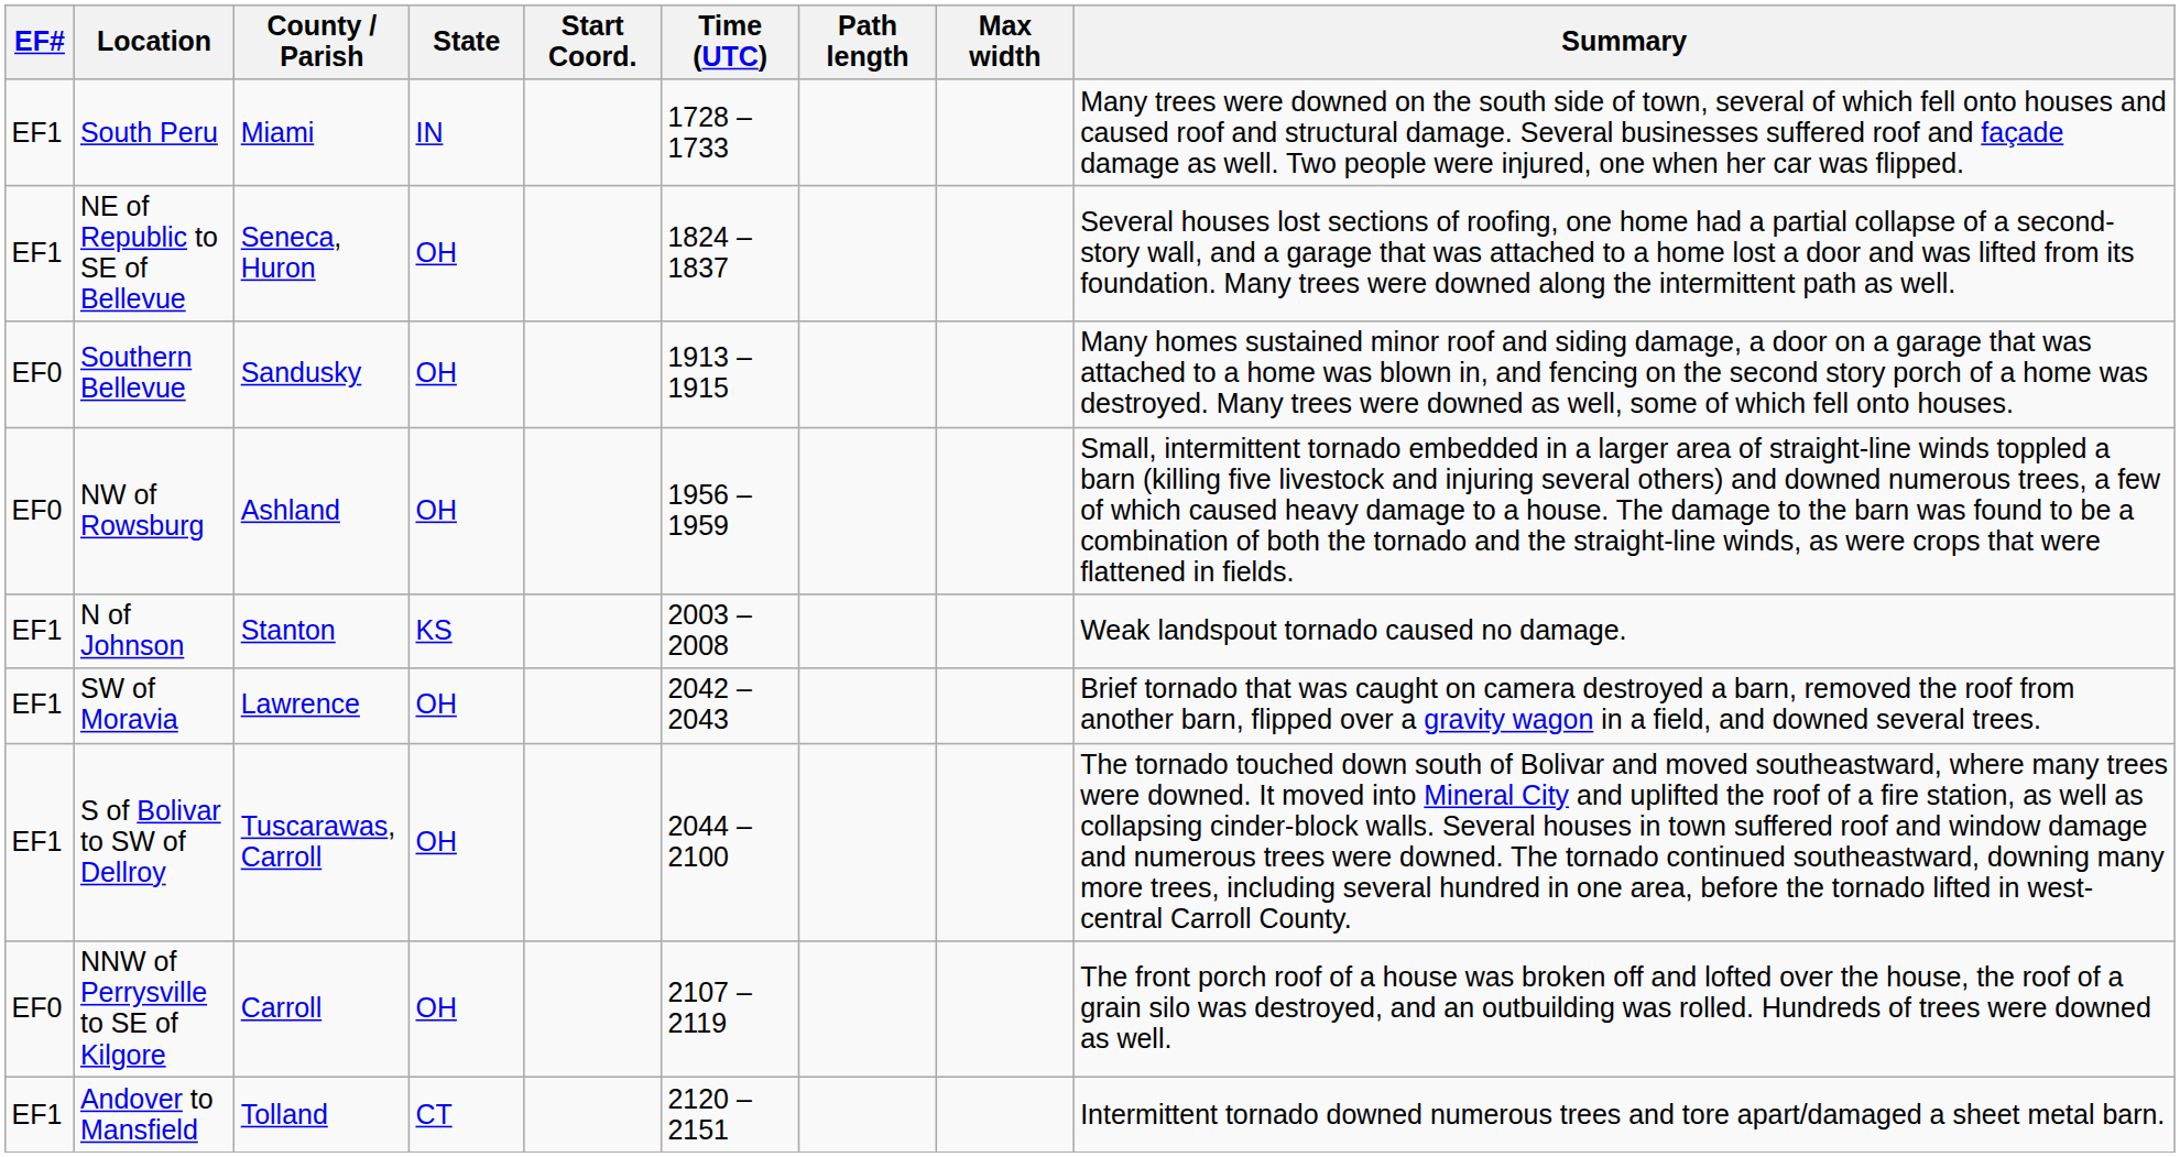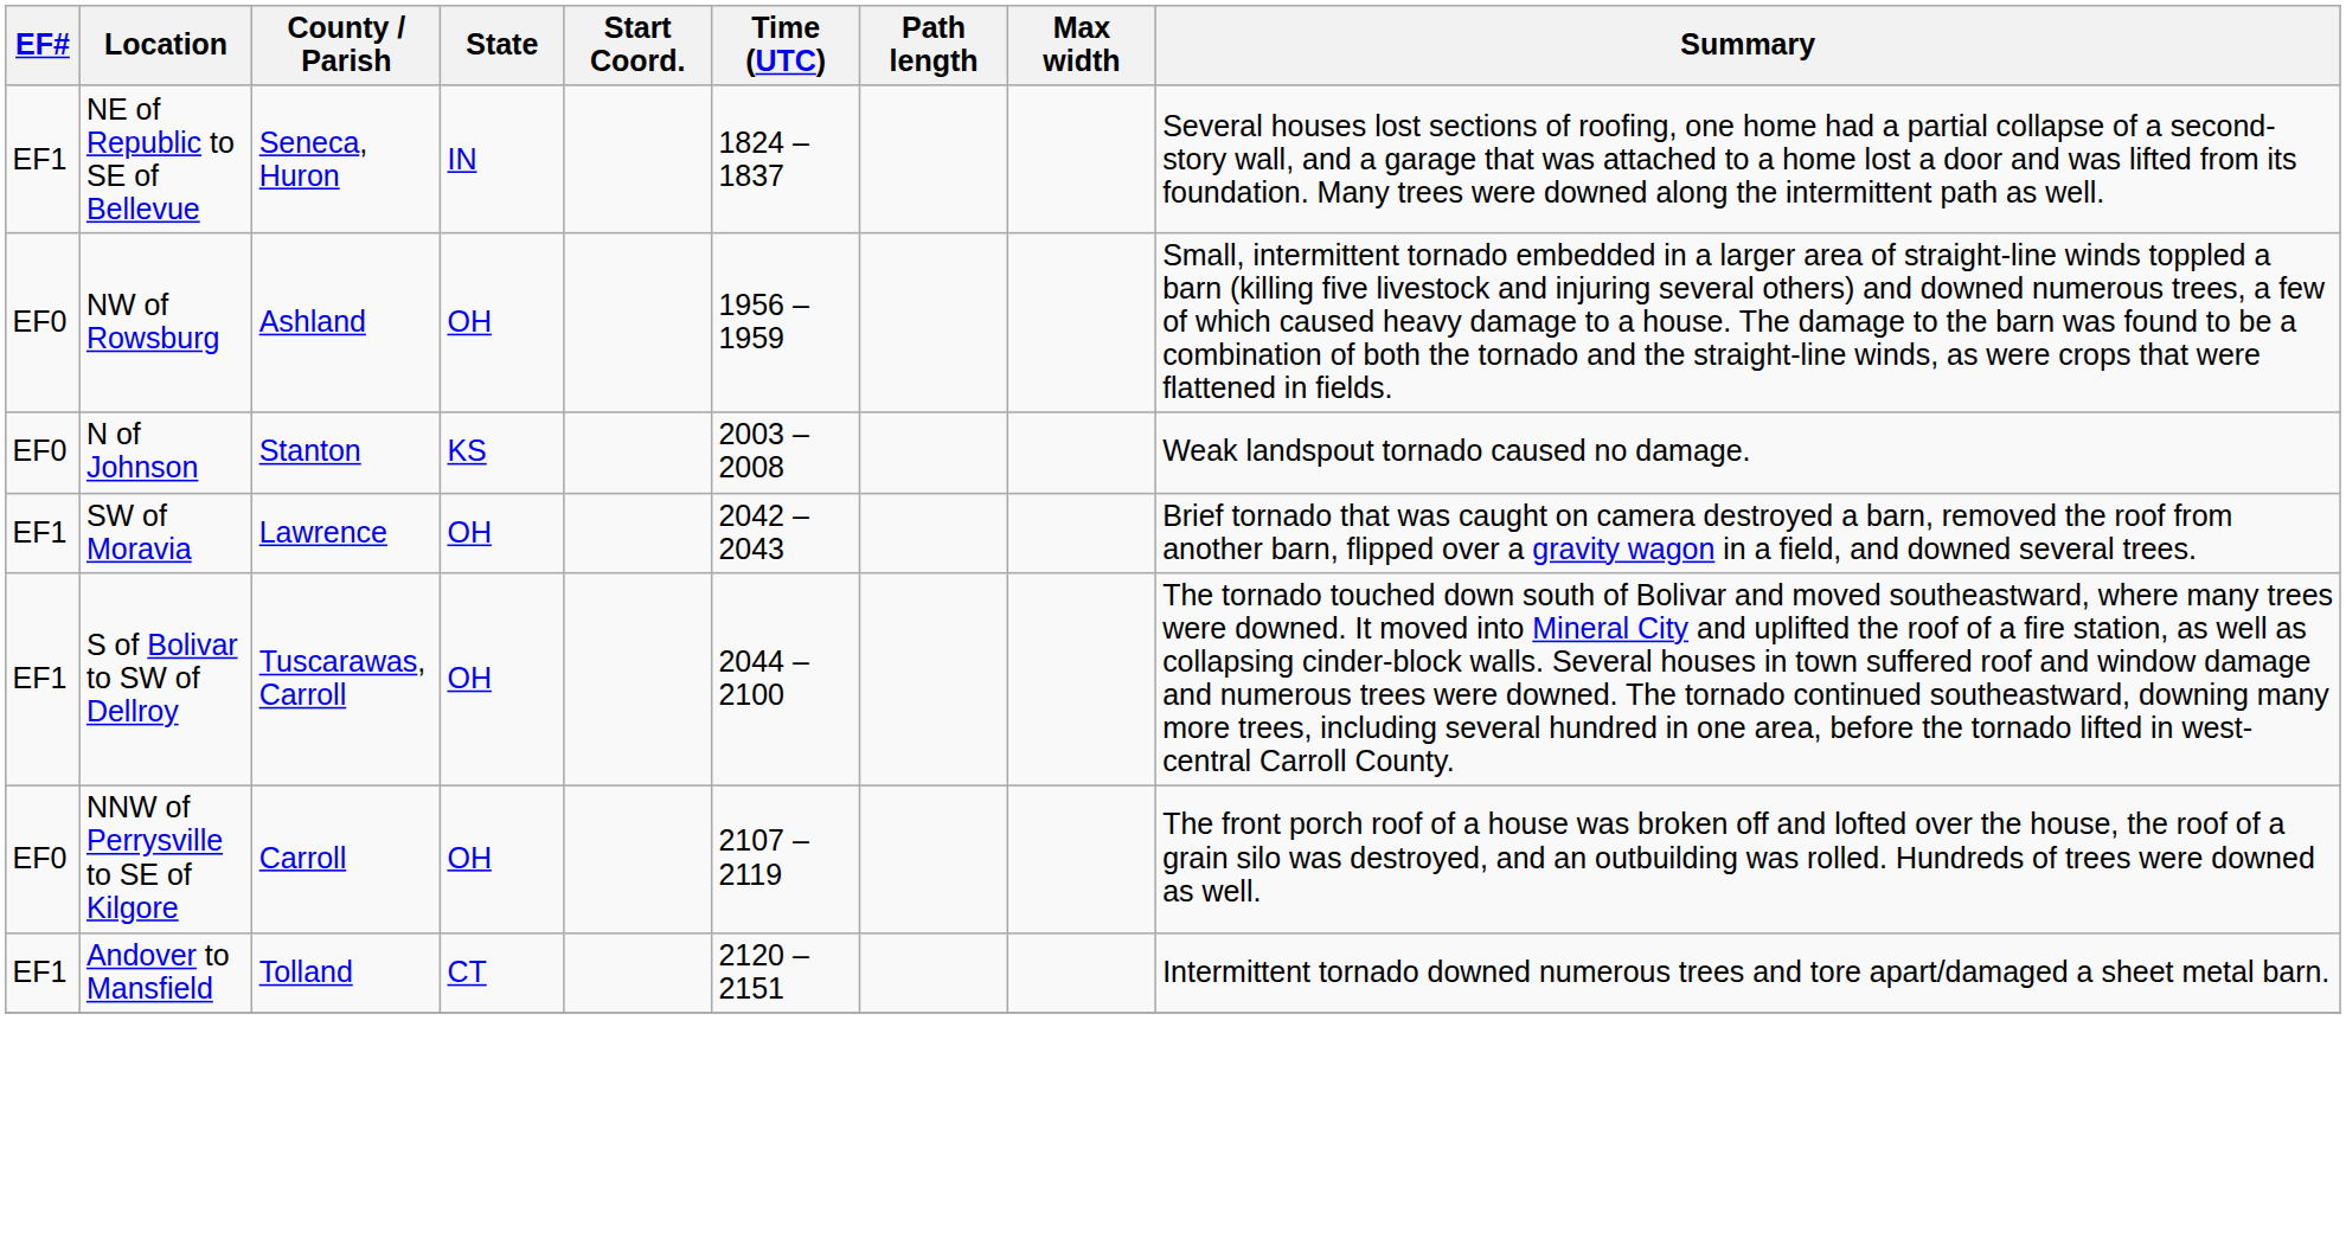 <table class="wikitable sortable" style="width:100%;">
 <tr>
 <th scope="col" width="3%" align="center"><a href='#'>EF#</a></th>
 <th scope="col" width="7%" align="center" class="unsortable">Location</th>
 <th scope="col" width="6%" align="center" class="unsortable">County / Parish</th>
 <th scope="col" width="5%" align="center">State</th>
 <th scope="col" width="6%" align="center">Start Coord.</th>
 <th scope="col" width="6%" align="center">Time (<a href='#'>UTC</a>)</th>
 <th scope="col" width="6%" align="center">Path length</th>
 <th scope="col" width="6%" align="center">Max width</th>
 <th scope="col" width="48%" class="unsortable" align="center">Summary</th>
 </tr>
 <tr>
 <td>EF1</td>
-<td><a href='#'>South Peru</a></td>
-<td><a href='#'>Miami</a></td>
-<td><a href='#'>IN</a></td>
-<td></td>
-<td>1728 – 1733</td>
-<td></td>
-<td></td>
-<td>Many trees were downed on the south side of town, several of which fell onto houses and caused roof and structural damage. Several businesses suffered roof and <a href='#'>façade</a> damage as well. Two people were injured, one when her car was flipped.</td>
-</tr>
-<tr>
-<td>EF1</td>
 <td>NE of <a href='#'>Republic</a> to SE of <a href='#'>Bellevue</a></td>
 <td><a href='#'>Seneca</a>, <a href='#'>Huron</a></td>
-<td><a href='#'>OH</a></td>
+<td><a href='#'>IN</a></td>
 <td></td>
 <td>1824 – 1837</td>
 <td></td>
 <td></td>
 <td>Several houses lost sections of roofing, one home had a partial collapse of a second-story wall, and a garage that was attached to a home lost a door and was lifted from its foundation. Many trees were downed along the intermittent path as well.</td>
-</tr>
-<tr>
-<td>EF0</td>
-<td><a href='#'>Southern Bellevue</a></td>
-<td><a href='#'>Sandusky</a></td>
-<td><a href='#'>OH</a></td>
-<td></td>
-<td>1913 – 1915</td>
-<td></td>
-<td></td>
-<td>Many homes sustained minor roof and siding damage, a door on a garage that was attached to a home was blown in, and fencing on the second story porch of a home was destroyed. Many trees were downed as well, some of which fell onto houses.</td>
 </tr>
 <tr>
 <td>EF0</td>
 <td>NW of <a href='#'>Rowsburg</a></td>
 <td><a href='#'>Ashland</a></td>
 <td><a href='#'>OH</a></td>
 <td></td>
 <td>1956 – 1959</td>
 <td></td>
 <td></td>
 <td>Small, intermittent tornado embedded in a larger area of straight-line winds toppled a barn (killing five livestock and injuring several others) and downed numerous trees, a few of which caused heavy damage to a house. The damage to the barn was found to be a combination of both the tornado and the straight-line winds, as were crops that were flattened in fields.</td>
 </tr>
 <tr>
-<td>EF1</td>
+<td>EF0</td>
 <td>N of <a href='#'>Johnson</a></td>
 <td><a href='#'>Stanton</a></td>
 <td><a href='#'>KS</a></td>
 <td></td>
 <td>2003 – 2008</td>
 <td></td>
 <td></td>
 <td>Weak landspout tornado caused no damage.</td>
 </tr>
 <tr>
 <td>EF1</td>
 <td>SW of <a href='#'>Moravia</a></td>
 <td><a href='#'>Lawrence</a></td>
 <td><a href='#'>OH</a></td>
 <td></td>
 <td>2042 – 2043</td>
 <td></td>
 <td></td>
 <td>Brief tornado that was caught on camera destroyed a barn, removed the roof from another barn, flipped over a <a href='#'>gravity wagon</a> in a field, and downed several trees.</td>
 </tr>
 <tr>
 <td>EF1</td>
 <td>S of <a href='#'>Bolivar</a> to SW of <a href='#'>Dellroy</a></td>
 <td><a href='#'>Tuscarawas</a>, <a href='#'>Carroll</a></td>
 <td><a href='#'>OH</a></td>
 <td></td>
 <td>2044 – 2100</td>
 <td></td>
 <td></td>
 <td>The tornado touched down south of Bolivar and moved southeastward, where many trees were downed. It moved into <a href='#'>Mineral City</a> and uplifted the roof of a fire station, as well as collapsing cinder-block walls. Several houses in town suffered roof and window damage and numerous trees were downed. The tornado continued southeastward, downing many more trees, including several hundred in one area, before the tornado lifted in west-central Carroll County.</td>
 </tr>
 <tr>
 <td>EF0</td>
 <td>NNW of <a href='#'>Perrysville</a> to SE of <a href='#'>Kilgore</a></td>
 <td><a href='#'>Carroll</a></td>
 <td><a href='#'>OH</a></td>
 <td></td>
 <td>2107 – 2119</td>
 <td></td>
 <td></td>
 <td>The front porch roof of a house was broken off and lofted over the house, the roof of a grain silo was destroyed, and an outbuilding was rolled. Hundreds of trees were downed as well.</td>
 </tr>
 <tr>
 <td>EF1</td>
 <td><a href='#'>Andover</a> to <a href='#'>Mansfield</a></td>
 <td><a href='#'>Tolland</a></td>
 <td><a href='#'>CT</a></td>
 <td></td>
 <td>2120 – 2151</td>
 <td></td>
 <td></td>
 <td>Intermittent tornado downed numerous trees and tore apart/damaged a sheet metal barn.</td>
 </tr>
 <tr>
 </tr>
 </table>
